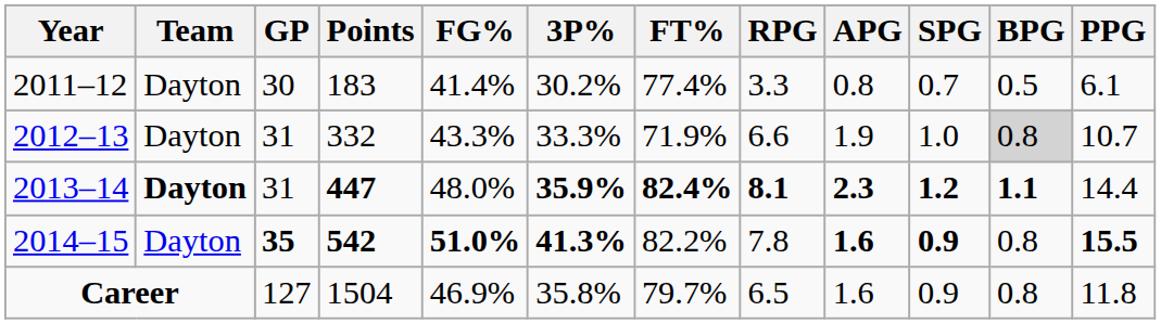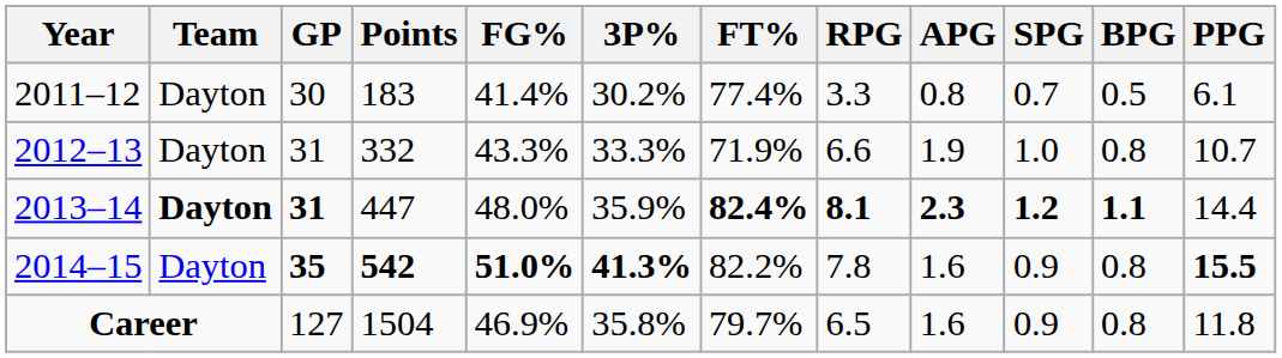 <table class="wikitable sortable">
 <tr>
 <th>Year</th>
 <th>Team</th>
 <th>GP</th>
 <th>Points</th>
 <th>FG%</th>
 <th>3P%</th>
 <th>FT%</th>
 <th>RPG</th>
 <th>APG</th>
 <th>SPG</th>
 <th>BPG</th>
 <th>PPG</th>
 </tr>
 <tr>
 <td>2011–12</td>
 <td>Dayton</td>
 <td>30</td>
 <td>183</td>
 <td>41.4%</td>
 <td>30.2%</td>
 <td>77.4%</td>
 <td>3.3</td>
 <td>0.8</td>
 <td>0.7</td>
 <td>0.5</td>
 <td>6.1</td>
 </tr>
 <tr>
 <td><a href='#'>2012–13</a></td>
 <td>Dayton</td>
 <td>31</td>
 <td>332</td>
 <td>43.3%</td>
 <td>33.3%</td>
 <td>71.9%</td>
 <td>6.6</td>
 <td>1.9</td>
 <td>1.0</td>
-<td style="background: lightgrey;">0.8</td>
+<td>0.8</td>
 <td>10.7</td>
 </tr>
 <tr>
 <td><a href='#'>2013–14</a></td>
 <td><strong>Dayton</strong></td>
-<td>31</td>
-<td><strong>447</strong></td>
+<td><strong>31</strong></td>
+<td>447</td>
 <td>48.0%</td>
-<td><strong>35.9%</strong></td>
+<td>35.9%</td>
 <td><strong>82.4%</strong></td>
 <td><strong>8.1</strong></td>
 <td><strong>2.3</strong></td>
 <td><strong>1.2</strong></td>
 <td><strong>1.1</strong></td>
 <td>14.4</td>
 </tr>
 <tr>
 <td><a href='#'>2014–15</a></td>
 <td><a href='#'>Dayton</a></td>
 <td><strong>35</strong></td>
 <td><strong>542</strong></td>
 <td><strong>51.0%</strong></td>
 <td><strong>41.3%</strong></td>
 <td>82.2%</td>
 <td>7.8</td>
-<td><strong>1.6</strong></td>
-<td><strong>0.9</strong></td>
+<td>1.6</td>
+<td>0.9</td>
 <td>0.8</td>
 <td><strong>15.5</strong></td>
 </tr>
 <tr class="sortbottom">
 <td align=center colspan=2><strong>Career</strong></td>
 <td>127</td>
 <td>1504</td>
 <td>46.9%</td>
 <td>35.8%</td>
 <td>79.7%</td>
 <td>6.5</td>
 <td>1.6</td>
 <td>0.9</td>
 <td>0.8</td>
 <td>11.8</td>
 </tr>
 </table>
